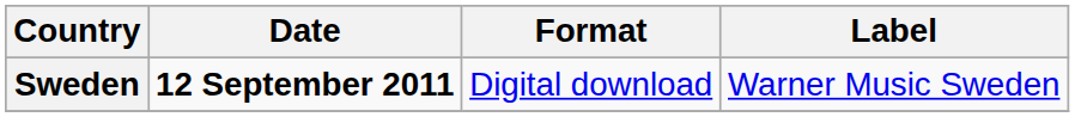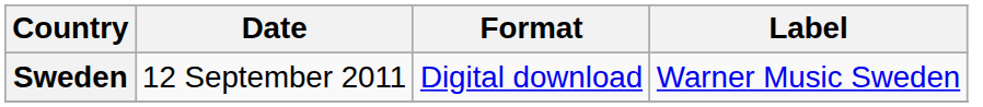 <table class="wikitable plainrowheaders">
 <tr>
 <th scope="col">Country</th>
 <th scope="col">Date</th>
 <th scope="col">Format</th>
 <th scope="col">Label</th>
 </tr>
 <tr>
 <th scope="row">Sweden</th>
-<td><strong>12 September 2011</strong></td>
+<td>12 September 2011</td>
 <td><a href='#'>Digital download</a></td>
 <td><a href='#'>Warner Music Sweden</a></td>
 </tr>
 <tr>
 </tr>
 </table>
